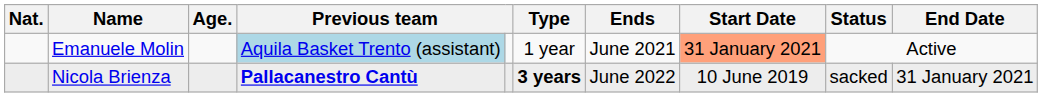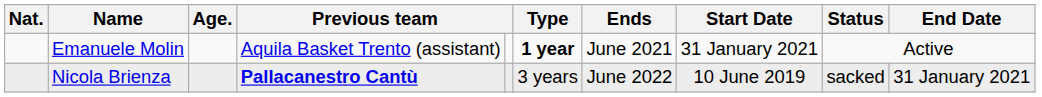 <table class="wikitable sortable">
 <tr>
 <th>Nat.</th>
 <th>Name</th>
 <th>Age.</th>
 <th colspan=2>Previous team</th>
 <th>Type</th>
 <th>Ends</th>
 <th>Start Date</th>
 <th>Status</th>
 <th>End Date</th>
 </tr>
 <tr>
 <td style="text-align: center;"></td>
 <td><a href='#'>Emanuele Molin</a></td>
 <td style="text-align: center;"></td>
-<td style="background: lightblue;"><a href='#'>Aquila Basket Trento</a> (assistant)</td>
+<td><a href='#'>Aquila Basket Trento</a> (assistant)</td>
 <td style="text-align: center;"></td>
-<td style="text-align: center;">1 year</td>
+<td style="text-align: center;"><strong>1 year</strong></td>
 <td style="text-align: center;">June 2021</td>
-<td style="background: lightsalmon; text-align: center;">31 January 2021 </td>
+<td style="text-align: center;">31 January 2021 </td>
 <td style="text-align: center;" colspan=2>Active</td>
 </tr>
 <tr>
 <td style="text-align: center; background-color: #ededed;"></td>
 <td style="background-color: #ededed;"><a href='#'>Nicola Brienza</a></td>
 <td style="text-align: center; background-color: #ededed;"></td>
 <td style="background-color: #ededed;"><strong><a href='#'>Pallacanestro Cantù</a></strong></td>
 <td style="text-align: center; background-color: #ededed;"></td>
-<td style="text-align: center; background-color: #ededed;"><strong>3 years</strong></td>
+<td style="text-align: center; background-color: #ededed;">3 years</td>
 <td style="text-align: center; background-color: #ededed;">June 2022</td>
 <td style="text-align: center; background-color: #ededed;">10 June 2019 </td>
 <td style="background-color: #ededed;">sacked</td>
 <td style="text-align: center; background-color: #ededed;">31 January 2021 </td>
 </tr>
 </table>
